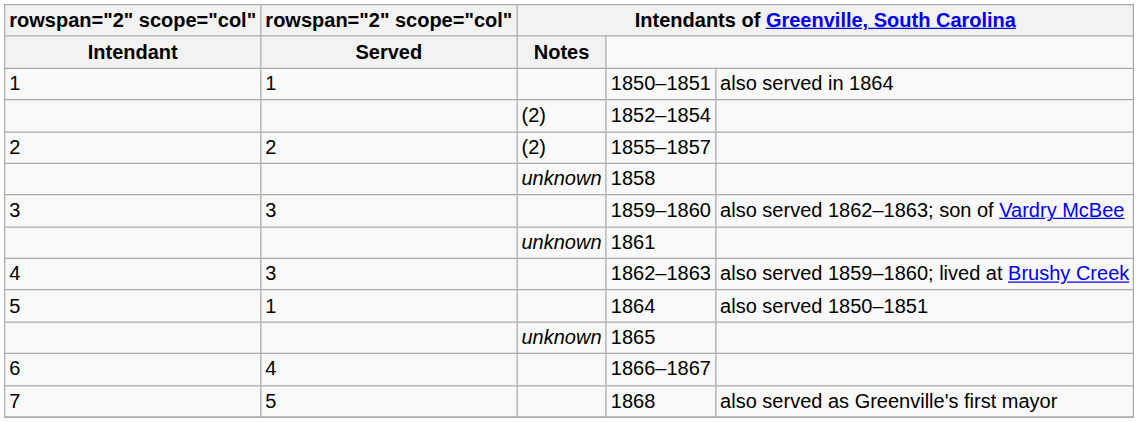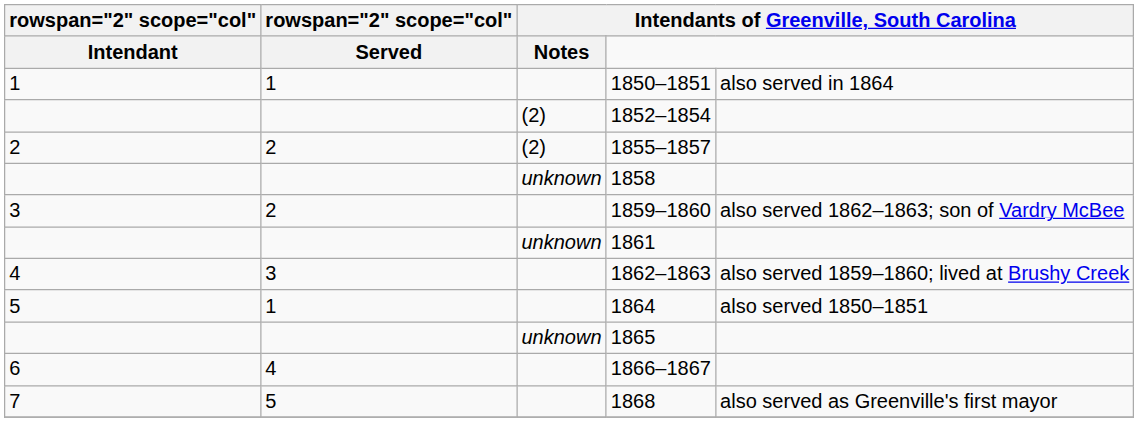 <table class="wikitable sortable">
 <tr>
 <th>rowspan="2" scope="col" </th>
 <th>rowspan="2" scope="col" </th>
 <th colspan="3">Intendants of <a href='#'>Greenville, South Carolina</a></th>
 </tr>
 <tr>
 <th scope="col">Intendant</th>
 <th scope="col">Served</th>
 <th scope="col" class="unsortable">Notes</th>
 </tr>
 <tr>
 <td>1</td>
 <td>1</td>
 <td></td>
 <td>1850–1851</td>
 <td>also served in 1864</td>
 </tr>
 <tr>
 <td></td>
 <td></td>
 <td> (2)</td>
 <td>1852–1854</td>
 <td></td>
 </tr>
 <tr>
 <td>2</td>
 <td>2</td>
 <td> (2)</td>
 <td>1855–1857</td>
 <td></td>
 </tr>
 <tr>
 <td></td>
 <td></td>
 <td><em>unknown</em></td>
 <td>1858</td>
 <td></td>
 </tr>
 <tr>
 <td>3</td>
-<td>3</td>
+<td>2</td>
 <td></td>
 <td>1859–1860</td>
 <td>also served 1862–1863; son of <a href='#'>Vardry McBee</a></td>
 </tr>
 <tr>
 <td></td>
 <td></td>
 <td><em>unknown</em></td>
 <td>1861</td>
 <td></td>
 </tr>
 <tr>
 <td>4</td>
 <td>3</td>
 <td></td>
 <td>1862–1863</td>
 <td>also served 1859–1860; lived at <a href='#'>Brushy Creek</a></td>
 </tr>
 <tr>
 <td>5</td>
 <td>1</td>
 <td></td>
 <td>1864</td>
 <td>also served 1850–1851</td>
 </tr>
 <tr>
 <td></td>
 <td></td>
 <td><em>unknown</em></td>
 <td>1865</td>
 <td></td>
 </tr>
 <tr>
 <td>6</td>
 <td>4</td>
 <td></td>
 <td>1866–1867</td>
 <td></td>
 </tr>
 <tr>
 <td>7</td>
 <td>5</td>
 <td></td>
 <td>1868</td>
 <td>also served as Greenville's first mayor</td>
 </tr>
 <tr>
 </tr>
 </table>
